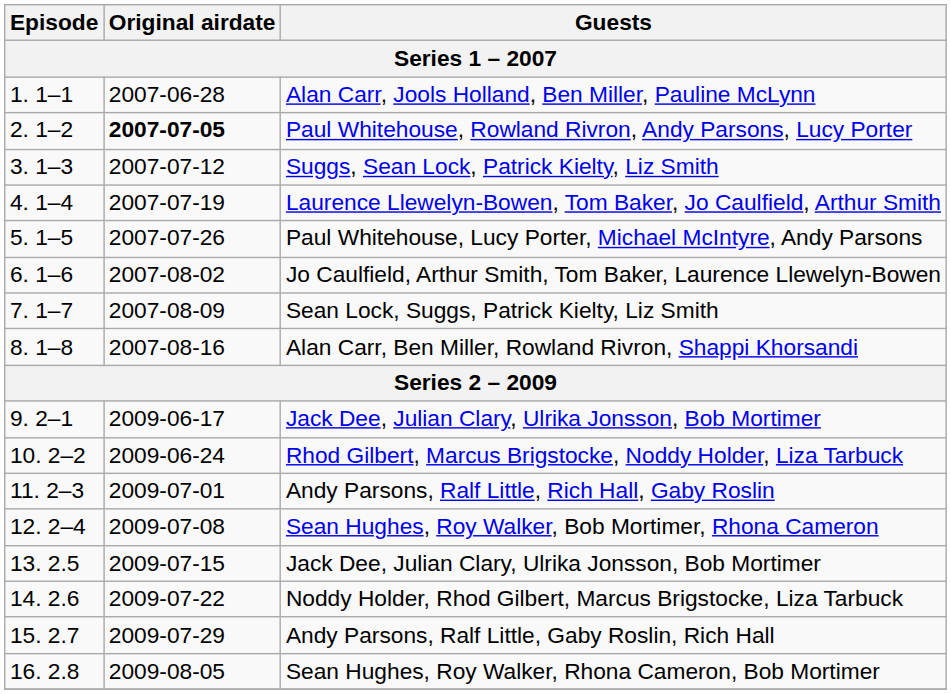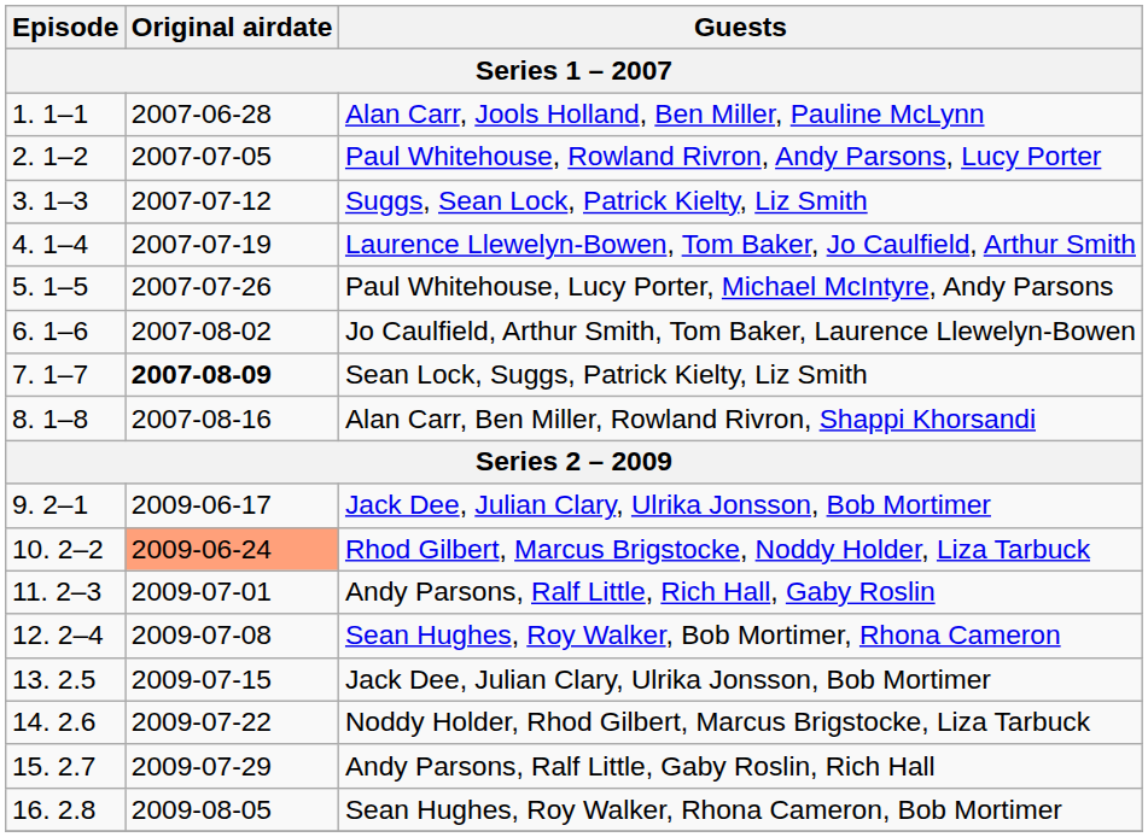 <table class="wikitable">
 <tr>
 <th>Episode</th>
 <th>Original airdate</th>
 <th>Guests</th>
 </tr>
 <tr>
 <th colspan=3>Series 1 – 2007</th>
 </tr>
 <tr>
 <td>1. 1–1</td>
 <td>2007-06-28</td>
 <td><a href='#'>Alan Carr</a>, <a href='#'>Jools Holland</a>, <a href='#'>Ben Miller</a>, <a href='#'>Pauline McLynn</a></td>
 </tr>
 <tr>
 <td>2. 1–2</td>
-<td><strong>2007-07-05</strong></td>
+<td>2007-07-05</td>
 <td><a href='#'>Paul Whitehouse</a>, <a href='#'>Rowland Rivron</a>, <a href='#'>Andy Parsons</a>, <a href='#'>Lucy Porter</a></td>
 </tr>
 <tr>
 <td>3. 1–3</td>
 <td>2007-07-12</td>
 <td><a href='#'>Suggs</a>, <a href='#'>Sean Lock</a>, <a href='#'>Patrick Kielty</a>, <a href='#'>Liz Smith</a></td>
 </tr>
 <tr>
 <td>4. 1–4</td>
 <td>2007-07-19</td>
 <td><a href='#'>Laurence Llewelyn-Bowen</a>, <a href='#'>Tom Baker</a>, <a href='#'>Jo Caulfield</a>, <a href='#'>Arthur Smith</a></td>
 </tr>
 <tr>
 <td>5. 1–5</td>
 <td>2007-07-26</td>
 <td>Paul Whitehouse, Lucy Porter, <a href='#'>Michael McIntyre</a>, Andy Parsons</td>
 </tr>
 <tr>
 <td>6. 1–6</td>
 <td>2007-08-02</td>
 <td>Jo Caulfield, Arthur Smith, Tom Baker, Laurence Llewelyn-Bowen</td>
 </tr>
 <tr>
 <td>7. 1–7</td>
-<td>2007-08-09</td>
+<td><strong>2007-08-09</strong></td>
 <td>Sean Lock, Suggs, Patrick Kielty, Liz Smith</td>
 </tr>
 <tr>
 <td>8. 1–8</td>
 <td>2007-08-16</td>
 <td>Alan Carr, Ben Miller, Rowland Rivron, <a href='#'>Shappi Khorsandi</a></td>
 </tr>
 <tr>
 <th colspan=3>Series 2 – 2009</th>
 </tr>
 <tr>
 <td>9. 2–1</td>
 <td>2009-06-17</td>
 <td><a href='#'>Jack Dee</a>, <a href='#'>Julian Clary</a>, <a href='#'>Ulrika Jonsson</a>, <a href='#'>Bob Mortimer</a></td>
 </tr>
 <tr>
 <td>10. 2–2</td>
-<td>2009-06-24</td>
+<td style="background: lightsalmon;">2009-06-24</td>
 <td><a href='#'>Rhod Gilbert</a>, <a href='#'>Marcus Brigstocke</a>, <a href='#'>Noddy Holder</a>, <a href='#'>Liza Tarbuck</a></td>
 </tr>
 <tr>
 <td>11. 2–3</td>
 <td>2009-07-01</td>
 <td>Andy Parsons, <a href='#'>Ralf Little</a>, <a href='#'>Rich Hall</a>, <a href='#'>Gaby Roslin</a></td>
 </tr>
 <tr>
 <td>12. 2–4</td>
 <td>2009-07-08</td>
 <td><a href='#'>Sean Hughes</a>, <a href='#'>Roy Walker</a>, Bob Mortimer, <a href='#'>Rhona Cameron</a></td>
 </tr>
 <tr>
 <td>13. 2.5</td>
 <td>2009-07-15</td>
 <td>Jack Dee, Julian Clary, Ulrika Jonsson, Bob Mortimer</td>
 </tr>
 <tr>
 <td>14. 2.6</td>
 <td>2009-07-22</td>
 <td>Noddy Holder, Rhod Gilbert, Marcus Brigstocke, Liza Tarbuck</td>
 </tr>
 <tr>
 <td>15. 2.7</td>
 <td>2009-07-29</td>
 <td>Andy Parsons, Ralf Little, Gaby Roslin, Rich Hall</td>
 </tr>
 <tr>
 <td>16. 2.8</td>
 <td>2009-08-05</td>
 <td>Sean Hughes, Roy Walker, Rhona Cameron, Bob Mortimer</td>
 </tr>
 <tr>
 </tr>
 </table>
